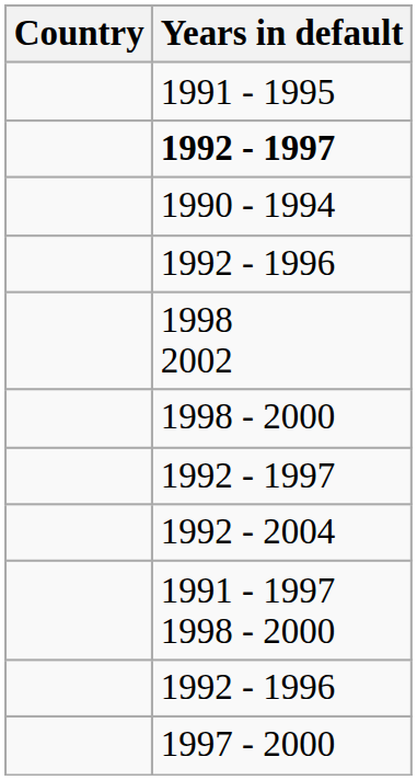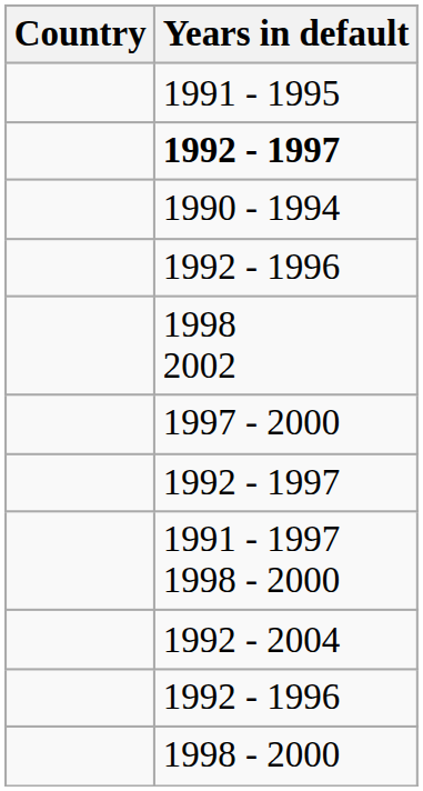 <table class="wikitable">
 <tr>
 <th>Country</th>
 <th>Years in default</th>
 </tr>
 <tr>
 <td></td>
 <td>1991 - 1995</td>
 </tr>
 <tr>
 <td></td>
 <td><strong>1992 - 1997</strong></td>
 </tr>
 <tr>
 <td></td>
 <td>1990 - 1994</td>
 </tr>
 <tr>
 <td></td>
 <td>1992 - 1996</td>
 </tr>
 <tr>
 <td></td>
 <td>1998<br>2002</td>
 </tr>
 <tr>
 <td></td>
-<td>1998 - 2000</td>
+<td>1997 - 2000</td>
 </tr>
 <tr>
 <td></td>
 <td>1992 - 1997</td>
 </tr>
 <tr>
 <td></td>
-<td>1992 - 2004</td>
+<td>1991 - 1997<br>1998 - 2000</td>
 </tr>
 <tr>
 <td></td>
-<td>1991 - 1997<br>1998 - 2000</td>
+<td>1992 - 2004</td>
 </tr>
 <tr>
 <td></td>
 <td>1992 - 1996</td>
 </tr>
 <tr>
 <td></td>
-<td>1997 - 2000</td>
+<td>1998 - 2000</td>
 </tr>
 </table>
